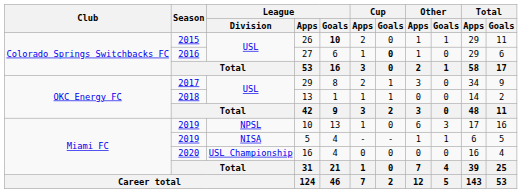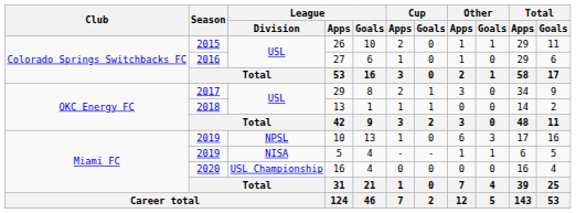 <table class="wikitable" style="text-align: center;">
 <tr>
 <th rowspan="2">Club</th>
 <th rowspan="2">Season</th>
 <th colspan="3">League</th>
 <th colspan="2">Cup</th>
 <th colspan="2">Other</th>
 <th colspan="2">Total</th>
 </tr>
 <tr>
 <th>Division</th>
 <th>Apps</th>
 <th>Goals</th>
 <th>Apps</th>
 <th>Goals</th>
 <th>Apps</th>
 <th>Goals</th>
 <th>Apps</th>
 <th>Goals</th>
 </tr>
 <tr>
 <td rowspan="3"><a href='#'>Colorado Springs Switchbacks FC</a></td>
 <td><a href='#'>2015</a></td>
 <td rowspan="2"><a href='#'>USL</a></td>
 <td>26</td>
-<td><strong>10</strong></td>
+<td>10</td>
 <td>2</td>
 <td>0</td>
 <td>1</td>
 <td>1</td>
 <td>29</td>
 <td>11</td>
 </tr>
 <tr>
 <td><a href='#'>2016</a></td>
 <td>27</td>
 <td>6</td>
 <td>1</td>
-<td><strong>0</strong></td>
+<td>0</td>
 <td>1</td>
 <td>0</td>
 <td>29</td>
 <td>6</td>
 </tr>
 <tr>
 <th colspan="2">Total</th>
 <th>53</th>
 <th>16</th>
 <th>3</th>
 <th>0</th>
 <th>2</th>
 <th>1</th>
 <th>58</th>
 <th>17</th>
 </tr>
 <tr>
 <td rowspan="3"><a href='#'>OKC Energy FC</a></td>
 <td><a href='#'>2017</a></td>
 <td rowspan="2"><a href='#'>USL</a></td>
 <td>29</td>
 <td>8</td>
 <td>2</td>
 <td>1</td>
 <td>3</td>
 <td>0</td>
 <td>34</td>
 <td>9</td>
 </tr>
 <tr>
 <td><a href='#'>2018</a></td>
 <td>13</td>
 <td>1</td>
 <td>1</td>
 <td>1</td>
 <td>0</td>
 <td>0</td>
 <td>14</td>
 <td>2</td>
 </tr>
 <tr>
 <th colspan="2">Total</th>
 <th>42</th>
 <th>9</th>
 <th>3</th>
 <th>2</th>
 <th>3</th>
 <th>0</th>
 <th>48</th>
 <th>11</th>
 </tr>
 <tr>
 <td rowspan="4" valign="center"><a href='#'>Miami FC</a></td>
 <td><a href='#'>2019</a></td>
 <td><a href='#'>NPSL</a></td>
 <td>10</td>
 <td>13</td>
 <td>1</td>
 <td>0</td>
 <td>6</td>
 <td>3</td>
 <td>17</td>
 <td>16</td>
 </tr>
 <tr>
 <td><a href='#'>2019</a></td>
 <td><a href='#'>NISA</a></td>
 <td>5</td>
 <td>4</td>
 <td>-</td>
 <td>-</td>
 <td>1</td>
 <td>1</td>
 <td>6</td>
 <td>5</td>
 </tr>
 <tr>
 <td><a href='#'>2020</a></td>
 <td><a href='#'>USL Championship</a></td>
 <td>16</td>
 <td>4</td>
 <td>0</td>
 <td>0</td>
 <td>0</td>
 <td>0</td>
 <td>16</td>
 <td>4</td>
 </tr>
 <tr>
 <th colspan="2">Total</th>
 <th>31</th>
 <th>21</th>
 <th>1</th>
 <th>0</th>
 <th>7</th>
 <th>4</th>
 <th>39</th>
 <th>25</th>
 </tr>
 <tr>
 <th colspan="3">Career total</th>
 <th>124</th>
 <th>46</th>
 <th>7</th>
 <th>2</th>
 <th>12</th>
 <th>5</th>
 <th>143</th>
 <th>53</th>
 </tr>
 </table>
